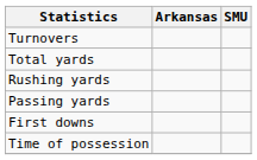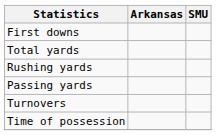 <table class="wikitable" style="float: left;">
 <tr>
 <th>Statistics</th>
 <th>Arkansas</th>
 <th>SMU</th>
 </tr>
 <tr>
-<td>Turnovers</td>
+<td>First downs</td>
 <td></td>
 <td></td>
 </tr>
 <tr>
 <td>Total yards</td>
 <td></td>
 <td></td>
 </tr>
 <tr>
 <td>Rushing yards</td>
 <td></td>
 <td></td>
 </tr>
 <tr>
 <td>Passing yards</td>
 <td></td>
 <td></td>
 </tr>
 <tr>
-<td>First downs</td>
+<td>Turnovers</td>
 <td></td>
 <td></td>
 </tr>
 <tr>
 <td>Time of possession</td>
 <td></td>
 <td></td>
 </tr>
 <tr>
 </tr>
 </table>
